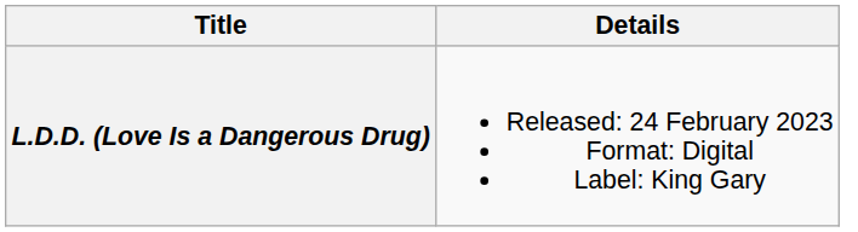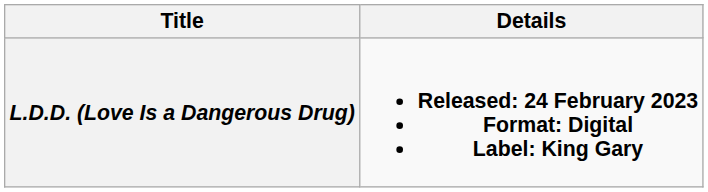 <table class="wikitable plainrowheaders" style="text-align:center;" border="1">
 <tr>
 <th scope="col">Title</th>
 <th scope="col">Details</th>
 </tr>
 <tr>
 <th scope="row"><em>L.D.D. (Love Is a Dangerous Drug)</em></th>
-<td><br><ul><li>Released: 24 February 2023</li><li>Format: Digital</li><li>Label: King Gary</li></ul></td>
+<td><strong><br><ul><li>Released: 24 February 2023</li><li>Format: Digital</li><li>Label: King Gary</li></ul></strong></td>
 </tr>
 </table>
